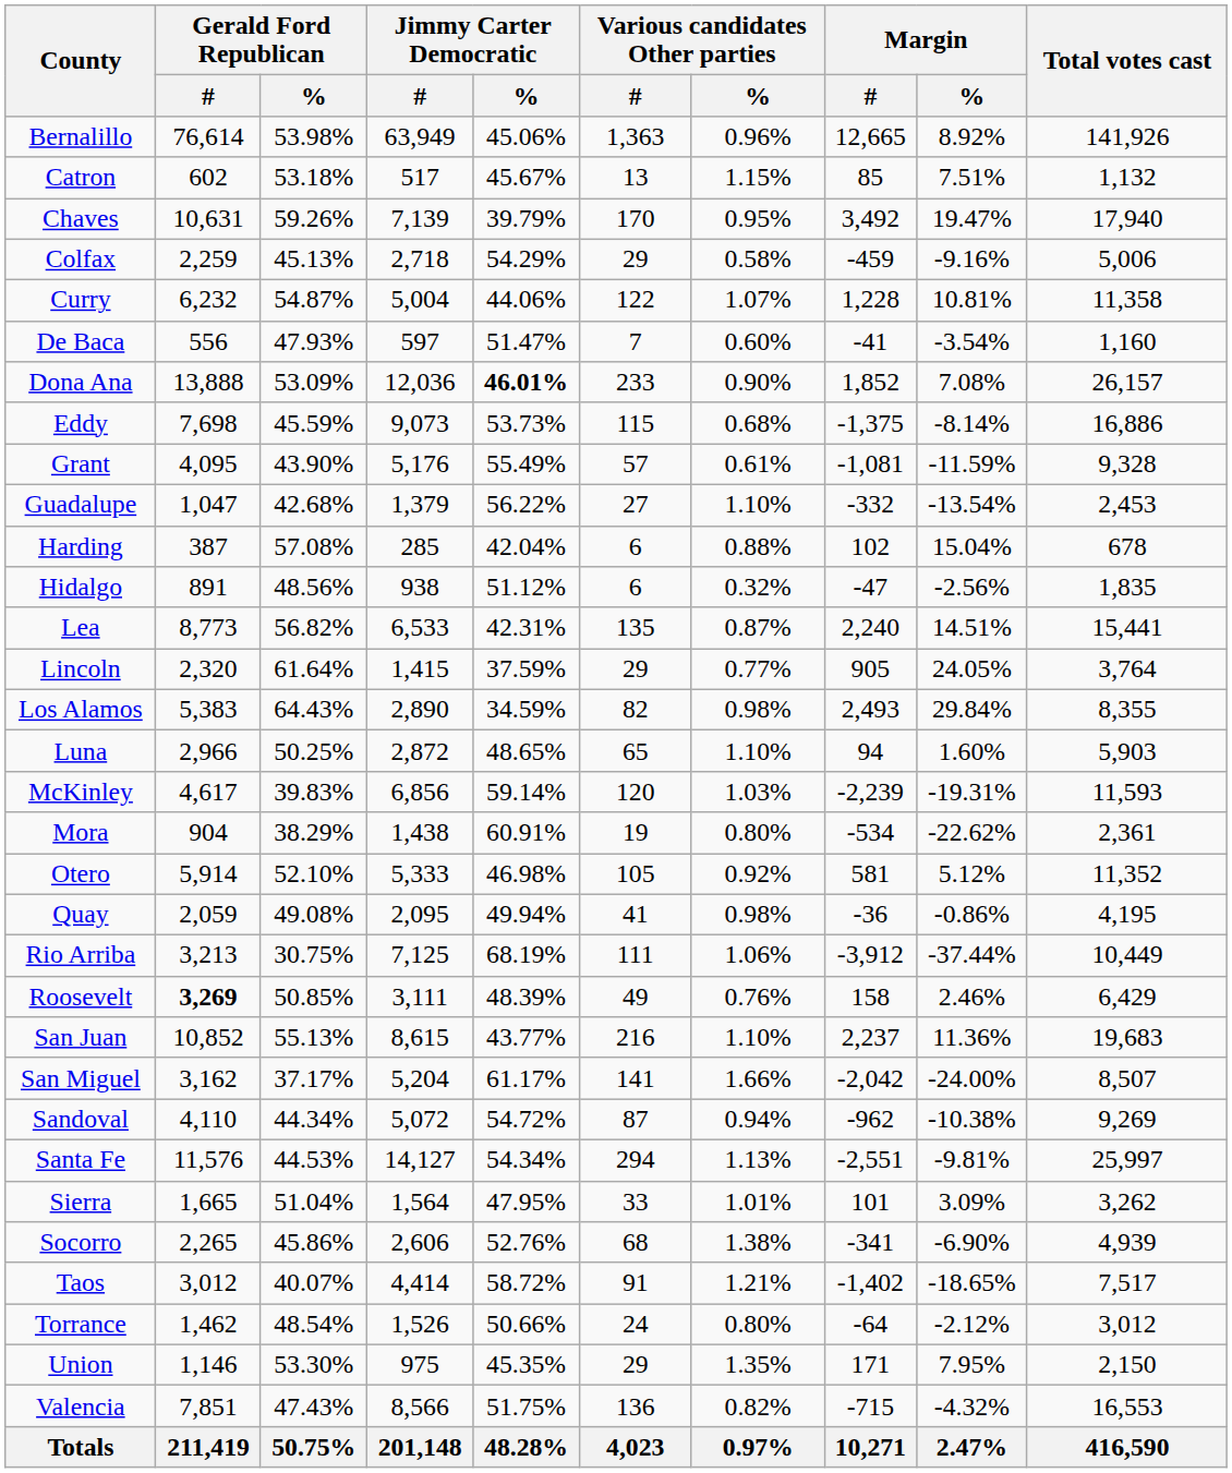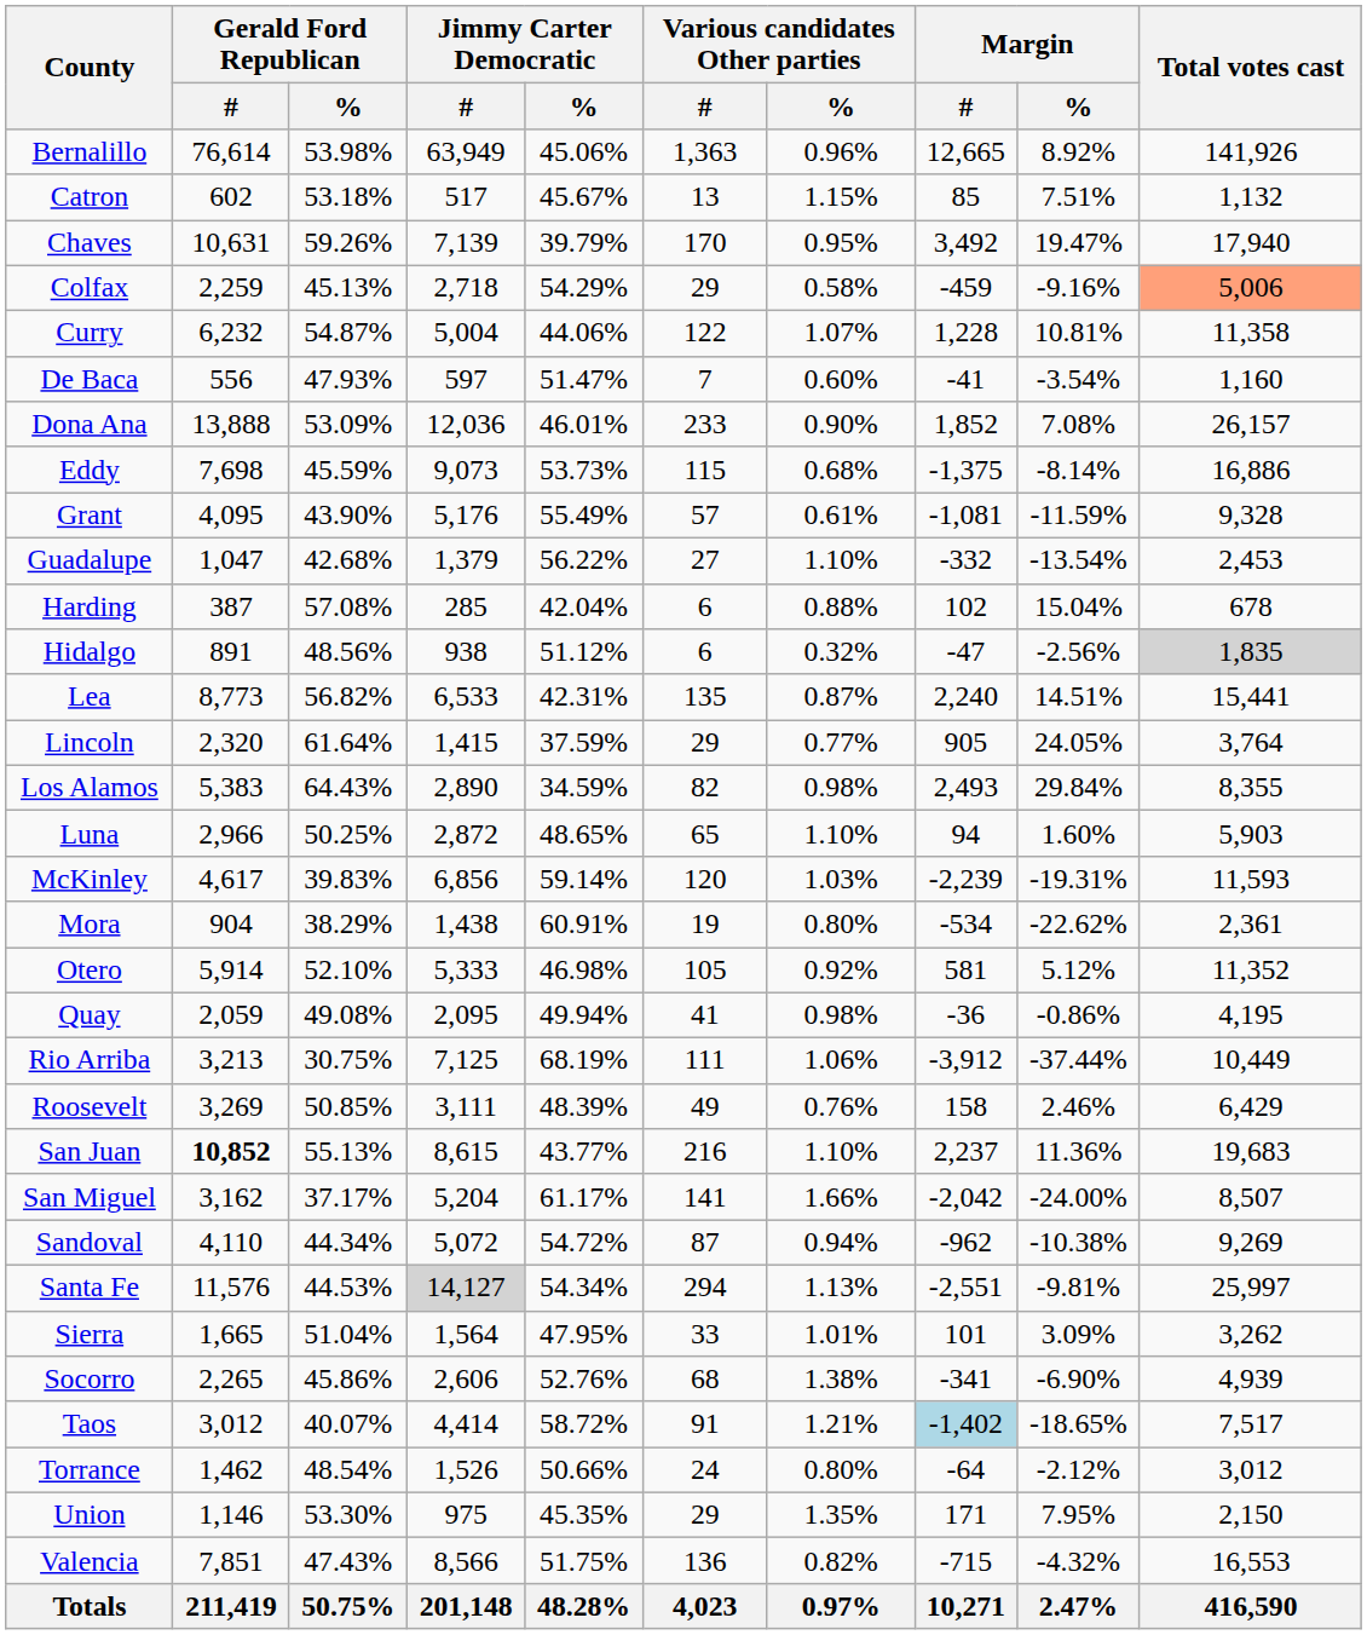 <table width="60%"  class="wikitable sortable" style="text-align:center">
 <tr>
 <th style="text-align:center;" rowspan="2">County</th>
 <th style="text-align:center;" colspan="2">Gerald Ford<br>Republican</th>
 <th style="text-align:center;" colspan="2">Jimmy Carter<br>Democratic</th>
 <th style="text-align:center;" colspan="2">Various candidates<br>Other parties</th>
 <th style="text-align:center;" colspan="2">Margin</th>
 <th style="text-align:center;" rowspan="2">Total votes cast</th>
 </tr>
 <tr>
 <th style="text-align:center;" data-sort-type="number">#</th>
 <th style="text-align:center;" data-sort-type="number">%</th>
 <th style="text-align:center;" data-sort-type="number">#</th>
 <th style="text-align:center;" data-sort-type="number">%</th>
 <th style="text-align:center;" data-sort-type="number">#</th>
 <th style="text-align:center;" data-sort-type="number">%</th>
 <th style="text-align:center;" data-sort-type="number">#</th>
 <th style="text-align:center;" data-sort-type="number">%</th>
 </tr>
 <tr style="text-align:center;">
 <td><a href='#'>Bernalillo</a></td>
 <td>76,614</td>
 <td>53.98%</td>
 <td>63,949</td>
 <td>45.06%</td>
 <td>1,363</td>
 <td>0.96%</td>
 <td>12,665</td>
 <td>8.92%</td>
 <td>141,926</td>
 </tr>
 <tr style="text-align:center;">
 <td><a href='#'>Catron</a></td>
 <td>602</td>
 <td>53.18%</td>
 <td>517</td>
 <td>45.67%</td>
 <td>13</td>
 <td>1.15%</td>
 <td>85</td>
 <td>7.51%</td>
 <td>1,132</td>
 </tr>
 <tr style="text-align:center;">
 <td><a href='#'>Chaves</a></td>
 <td>10,631</td>
 <td>59.26%</td>
 <td>7,139</td>
 <td>39.79%</td>
 <td>170</td>
 <td>0.95%</td>
 <td>3,492</td>
 <td>19.47%</td>
 <td>17,940</td>
 </tr>
 <tr style="text-align:center;">
 <td><a href='#'>Colfax</a></td>
 <td>2,259</td>
 <td>45.13%</td>
 <td>2,718</td>
 <td>54.29%</td>
 <td>29</td>
 <td>0.58%</td>
 <td>-459</td>
 <td>-9.16%</td>
-<td>5,006</td>
+<td style="background: lightsalmon;">5,006</td>
 </tr>
 <tr style="text-align:center;">
 <td><a href='#'>Curry</a></td>
 <td>6,232</td>
 <td>54.87%</td>
 <td>5,004</td>
 <td>44.06%</td>
 <td>122</td>
 <td>1.07%</td>
 <td>1,228</td>
 <td>10.81%</td>
 <td>11,358</td>
 </tr>
 <tr style="text-align:center;">
 <td><a href='#'>De Baca</a></td>
 <td>556</td>
 <td>47.93%</td>
 <td>597</td>
 <td>51.47%</td>
 <td>7</td>
 <td>0.60%</td>
 <td>-41</td>
 <td>-3.54%</td>
 <td>1,160</td>
 </tr>
 <tr style="text-align:center;">
 <td><a href='#'>Dona Ana</a></td>
 <td>13,888</td>
 <td>53.09%</td>
 <td>12,036</td>
-<td><strong>46.01%</strong></td>
+<td>46.01%</td>
 <td>233</td>
 <td>0.90%</td>
 <td>1,852</td>
 <td>7.08%</td>
 <td>26,157</td>
 </tr>
 <tr style="text-align:center;">
 <td><a href='#'>Eddy</a></td>
 <td>7,698</td>
 <td>45.59%</td>
 <td>9,073</td>
 <td>53.73%</td>
 <td>115</td>
 <td>0.68%</td>
 <td>-1,375</td>
 <td>-8.14%</td>
 <td>16,886</td>
 </tr>
 <tr style="text-align:center;">
 <td><a href='#'>Grant</a></td>
 <td>4,095</td>
 <td>43.90%</td>
 <td>5,176</td>
 <td>55.49%</td>
 <td>57</td>
 <td>0.61%</td>
 <td>-1,081</td>
 <td>-11.59%</td>
 <td>9,328</td>
 </tr>
 <tr style="text-align:center;">
 <td><a href='#'>Guadalupe</a></td>
 <td>1,047</td>
 <td>42.68%</td>
 <td>1,379</td>
 <td>56.22%</td>
 <td>27</td>
 <td>1.10%</td>
 <td>-332</td>
 <td>-13.54%</td>
 <td>2,453</td>
 </tr>
 <tr style="text-align:center;">
 <td><a href='#'>Harding</a></td>
 <td>387</td>
 <td>57.08%</td>
 <td>285</td>
 <td>42.04%</td>
 <td>6</td>
 <td>0.88%</td>
 <td>102</td>
 <td>15.04%</td>
 <td>678</td>
 </tr>
 <tr style="text-align:center;">
 <td><a href='#'>Hidalgo</a></td>
 <td>891</td>
 <td>48.56%</td>
 <td>938</td>
 <td>51.12%</td>
 <td>6</td>
 <td>0.32%</td>
 <td>-47</td>
 <td>-2.56%</td>
-<td>1,835</td>
+<td style="background: lightgrey;">1,835</td>
 </tr>
 <tr style="text-align:center;">
 <td><a href='#'>Lea</a></td>
 <td>8,773</td>
 <td>56.82%</td>
 <td>6,533</td>
 <td>42.31%</td>
 <td>135</td>
 <td>0.87%</td>
 <td>2,240</td>
 <td>14.51%</td>
 <td>15,441</td>
 </tr>
 <tr style="text-align:center;">
 <td><a href='#'>Lincoln</a></td>
 <td>2,320</td>
 <td>61.64%</td>
 <td>1,415</td>
 <td>37.59%</td>
 <td>29</td>
 <td>0.77%</td>
 <td>905</td>
 <td>24.05%</td>
 <td>3,764</td>
 </tr>
 <tr style="text-align:center;">
 <td><a href='#'>Los Alamos</a></td>
 <td>5,383</td>
 <td>64.43%</td>
 <td>2,890</td>
 <td>34.59%</td>
 <td>82</td>
 <td>0.98%</td>
 <td>2,493</td>
 <td>29.84%</td>
 <td>8,355</td>
 </tr>
 <tr style="text-align:center;">
 <td><a href='#'>Luna</a></td>
 <td>2,966</td>
 <td>50.25%</td>
 <td>2,872</td>
 <td>48.65%</td>
 <td>65</td>
 <td>1.10%</td>
 <td>94</td>
 <td>1.60%</td>
 <td>5,903</td>
 </tr>
 <tr style="text-align:center;">
 <td><a href='#'>McKinley</a></td>
 <td>4,617</td>
 <td>39.83%</td>
 <td>6,856</td>
 <td>59.14%</td>
 <td>120</td>
 <td>1.03%</td>
 <td>-2,239</td>
 <td>-19.31%</td>
 <td>11,593</td>
 </tr>
 <tr style="text-align:center;">
 <td><a href='#'>Mora</a></td>
 <td>904</td>
 <td>38.29%</td>
 <td>1,438</td>
 <td>60.91%</td>
 <td>19</td>
 <td>0.80%</td>
 <td>-534</td>
 <td>-22.62%</td>
 <td>2,361</td>
 </tr>
 <tr style="text-align:center;">
 <td><a href='#'>Otero</a></td>
 <td>5,914</td>
 <td>52.10%</td>
 <td>5,333</td>
 <td>46.98%</td>
 <td>105</td>
 <td>0.92%</td>
 <td>581</td>
 <td>5.12%</td>
 <td>11,352</td>
 </tr>
 <tr style="text-align:center;">
 <td><a href='#'>Quay</a></td>
 <td>2,059</td>
 <td>49.08%</td>
 <td>2,095</td>
 <td>49.94%</td>
 <td>41</td>
 <td>0.98%</td>
 <td>-36</td>
 <td>-0.86%</td>
 <td>4,195</td>
 </tr>
 <tr style="text-align:center;">
 <td><a href='#'>Rio Arriba</a></td>
 <td>3,213</td>
 <td>30.75%</td>
 <td>7,125</td>
 <td>68.19%</td>
 <td>111</td>
 <td>1.06%</td>
 <td>-3,912</td>
 <td>-37.44%</td>
 <td>10,449</td>
 </tr>
 <tr style="text-align:center;">
 <td><a href='#'>Roosevelt</a></td>
-<td><strong>3,269</strong></td>
+<td>3,269</td>
 <td>50.85%</td>
 <td>3,111</td>
 <td>48.39%</td>
 <td>49</td>
 <td>0.76%</td>
 <td>158</td>
 <td>2.46%</td>
 <td>6,429</td>
 </tr>
 <tr style="text-align:center;">
 <td><a href='#'>San Juan</a></td>
-<td>10,852</td>
+<td><strong>10,852</strong></td>
 <td>55.13%</td>
 <td>8,615</td>
 <td>43.77%</td>
 <td>216</td>
 <td>1.10%</td>
 <td>2,237</td>
 <td>11.36%</td>
 <td>19,683</td>
 </tr>
 <tr style="text-align:center;">
 <td><a href='#'>San Miguel</a></td>
 <td>3,162</td>
 <td>37.17%</td>
 <td>5,204</td>
 <td>61.17%</td>
 <td>141</td>
 <td>1.66%</td>
 <td>-2,042</td>
 <td>-24.00%</td>
 <td>8,507</td>
 </tr>
 <tr style="text-align:center;">
 <td><a href='#'>Sandoval</a></td>
 <td>4,110</td>
 <td>44.34%</td>
 <td>5,072</td>
 <td>54.72%</td>
 <td>87</td>
 <td>0.94%</td>
 <td>-962</td>
 <td>-10.38%</td>
 <td>9,269</td>
 </tr>
 <tr style="text-align:center;">
 <td><a href='#'>Santa Fe</a></td>
 <td>11,576</td>
 <td>44.53%</td>
-<td>14,127</td>
+<td style="background: lightgrey;">14,127</td>
 <td>54.34%</td>
 <td>294</td>
 <td>1.13%</td>
 <td>-2,551</td>
 <td>-9.81%</td>
 <td>25,997</td>
 </tr>
 <tr style="text-align:center;">
 <td><a href='#'>Sierra</a></td>
 <td>1,665</td>
 <td>51.04%</td>
 <td>1,564</td>
 <td>47.95%</td>
 <td>33</td>
 <td>1.01%</td>
 <td>101</td>
 <td>3.09%</td>
 <td>3,262</td>
 </tr>
 <tr style="text-align:center;">
 <td><a href='#'>Socorro</a></td>
 <td>2,265</td>
 <td>45.86%</td>
 <td>2,606</td>
 <td>52.76%</td>
 <td>68</td>
 <td>1.38%</td>
 <td>-341</td>
 <td>-6.90%</td>
 <td>4,939</td>
 </tr>
 <tr style="text-align:center;">
 <td><a href='#'>Taos</a></td>
 <td>3,012</td>
 <td>40.07%</td>
 <td>4,414</td>
 <td>58.72%</td>
 <td>91</td>
 <td>1.21%</td>
-<td>-1,402</td>
+<td style="background: lightblue;">-1,402</td>
 <td>-18.65%</td>
 <td>7,517</td>
 </tr>
 <tr style="text-align:center;">
 <td><a href='#'>Torrance</a></td>
 <td>1,462</td>
 <td>48.54%</td>
 <td>1,526</td>
 <td>50.66%</td>
 <td>24</td>
 <td>0.80%</td>
 <td>-64</td>
 <td>-2.12%</td>
 <td>3,012</td>
 </tr>
 <tr style="text-align:center;">
 <td><a href='#'>Union</a></td>
 <td>1,146</td>
 <td>53.30%</td>
 <td>975</td>
 <td>45.35%</td>
 <td>29</td>
 <td>1.35%</td>
 <td>171</td>
 <td>7.95%</td>
 <td>2,150</td>
 </tr>
 <tr style="text-align:center;">
 <td><a href='#'>Valencia</a></td>
 <td>7,851</td>
 <td>47.43%</td>
 <td>8,566</td>
 <td>51.75%</td>
 <td>136</td>
 <td>0.82%</td>
 <td>-715</td>
 <td>-4.32%</td>
 <td>16,553</td>
 </tr>
 <tr>
 <th>Totals</th>
 <th>211,419</th>
 <th>50.75%</th>
 <th>201,148</th>
 <th>48.28%</th>
 <th>4,023</th>
 <th>0.97%</th>
 <th>10,271</th>
 <th>2.47%</th>
 <th>416,590</th>
 </tr>
 </table>
